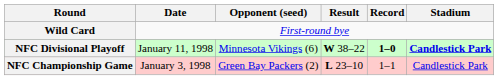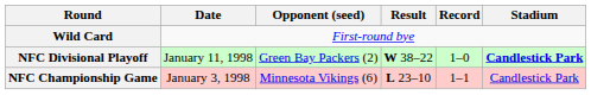 <table class="wikitable" style="text-align:center">
 <tr>
 <th>Round</th>
 <th>Date</th>
 <th>Opponent (seed)</th>
 <th>Result</th>
 <th>Record</th>
 <th>Stadium</th>
 </tr>
 <tr>
 <th>Wild Card</th>
 <td colspan="7"><em><a href='#'>First-round bye</a></em></td>
 </tr>
 <tr style="background:#cfc">
 <th>NFC Divisional Playoff</th>
 <td>January 11, 1998</td>
-<td><a href='#'>Minnesota Vikings</a> (6)</td>
+<td><a href='#'>Green Bay Packers</a> (2)</td>
 <td><strong>W</strong> 38–22</td>
-<td><strong>1–0</strong></td>
+<td>1–0</td>
 <td><strong><a href='#'>Candlestick Park</a></strong></td>
 </tr>
 <tr style="background: #fcc">
 <th>NFC Championship Game</th>
 <td>January 3, 1998</td>
-<td><a href='#'>Green Bay Packers</a> (2)</td>
+<td><a href='#'>Minnesota Vikings</a> (6)</td>
 <td><strong>L</strong> 23–10</td>
 <td>1–1</td>
 <td><a href='#'>Candlestick Park</a></td>
 </tr>
 </table>
